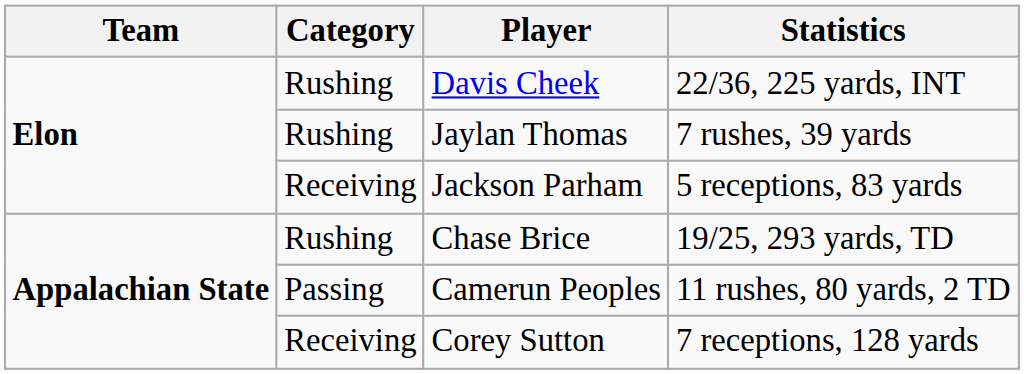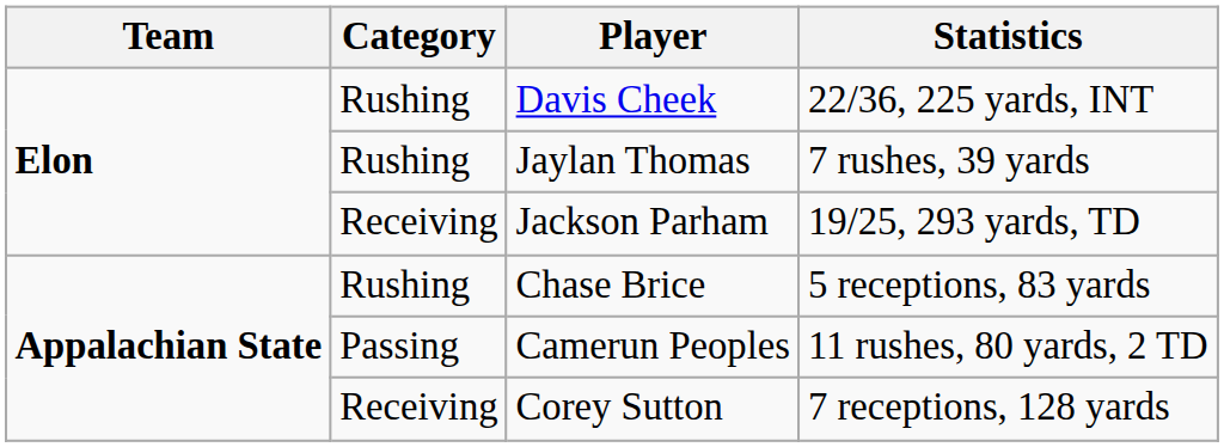 <table class="wikitable" style="float: left;">
 <tr>
 <th>Team</th>
 <th>Category</th>
 <th>Player</th>
 <th>Statistics</th>
 </tr>
 <tr>
 <td rowspan=3><strong>Elon</strong></td>
 <td>Rushing</td>
 <td><a href='#'>Davis Cheek</a></td>
 <td>22/36, 225 yards, INT</td>
 </tr>
 <tr>
 <td>Rushing</td>
 <td>Jaylan Thomas</td>
 <td>7 rushes, 39 yards</td>
 </tr>
 <tr>
 <td>Receiving</td>
 <td>Jackson Parham</td>
-<td>5 receptions, 83 yards</td>
+<td>19/25, 293 yards, TD</td>
 </tr>
 <tr>
 <td rowspan=3><strong>Appalachian State</strong></td>
 <td>Rushing</td>
 <td>Chase Brice</td>
-<td>19/25, 293 yards, TD</td>
+<td>5 receptions, 83 yards</td>
 </tr>
 <tr>
 <td>Passing</td>
 <td>Camerun Peoples</td>
 <td>11 rushes, 80 yards, 2 TD</td>
 </tr>
 <tr>
 <td>Receiving</td>
 <td>Corey Sutton</td>
 <td>7 receptions, 128 yards</td>
 </tr>
 </table>
